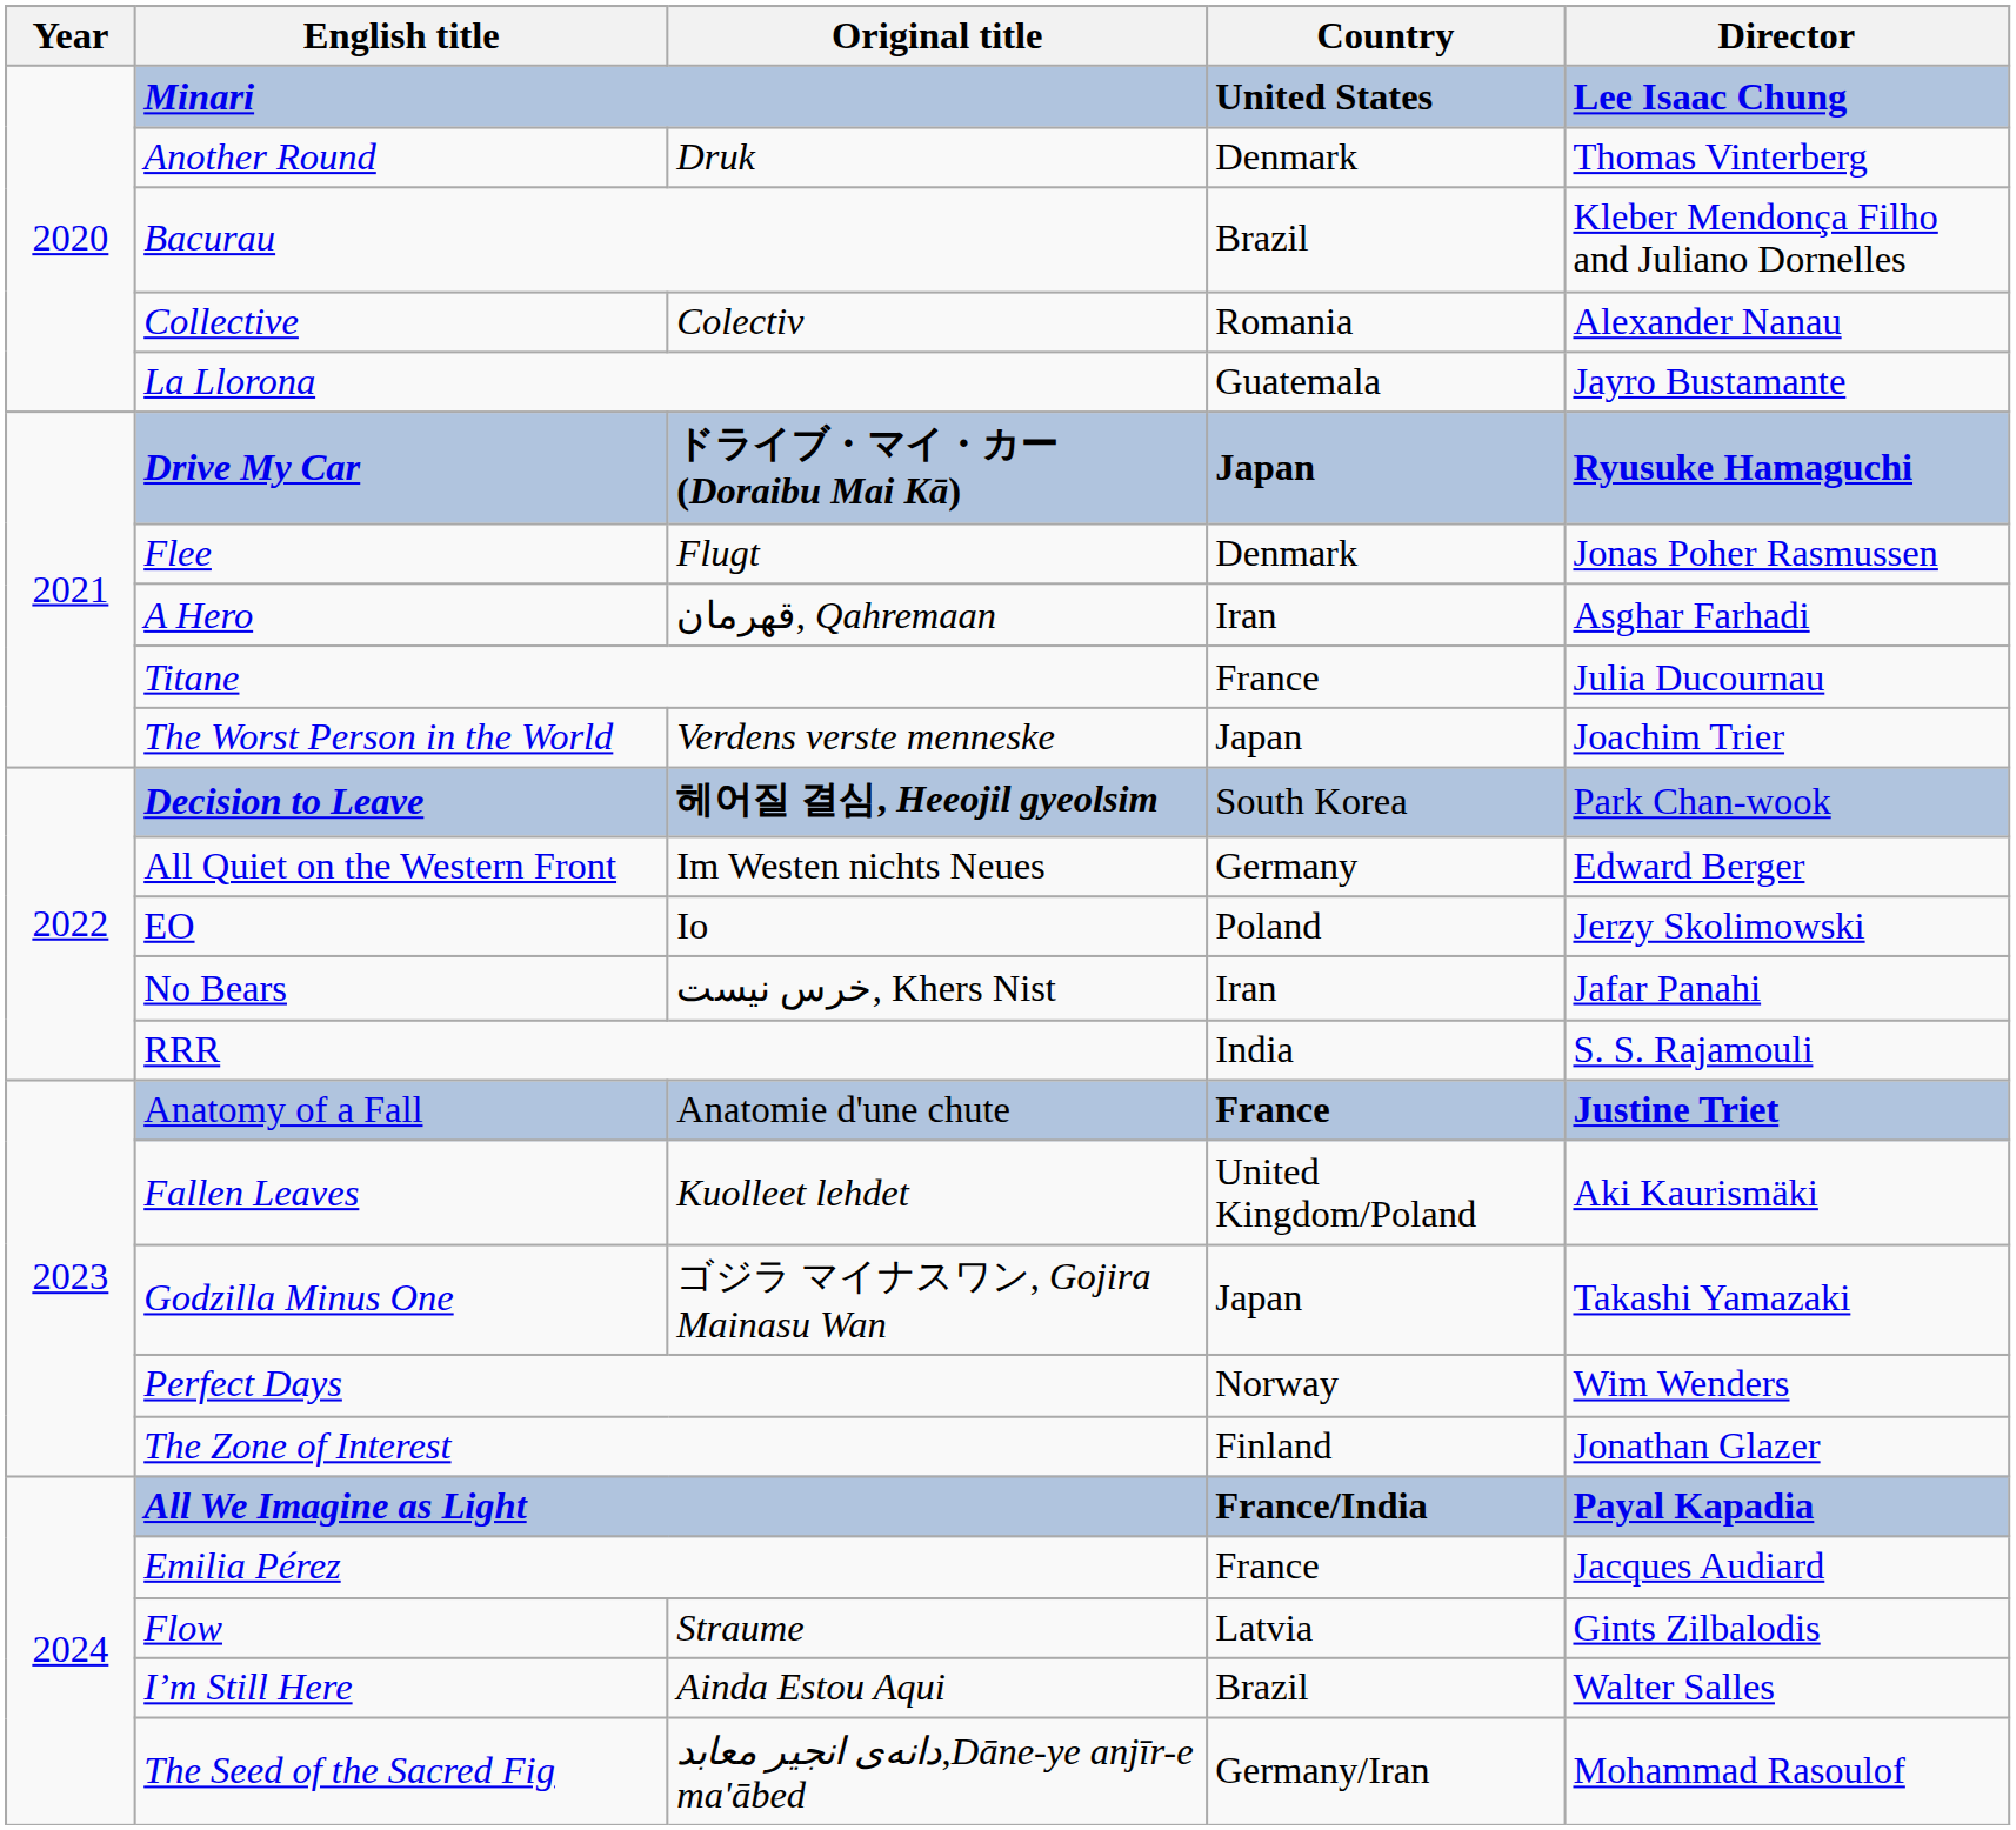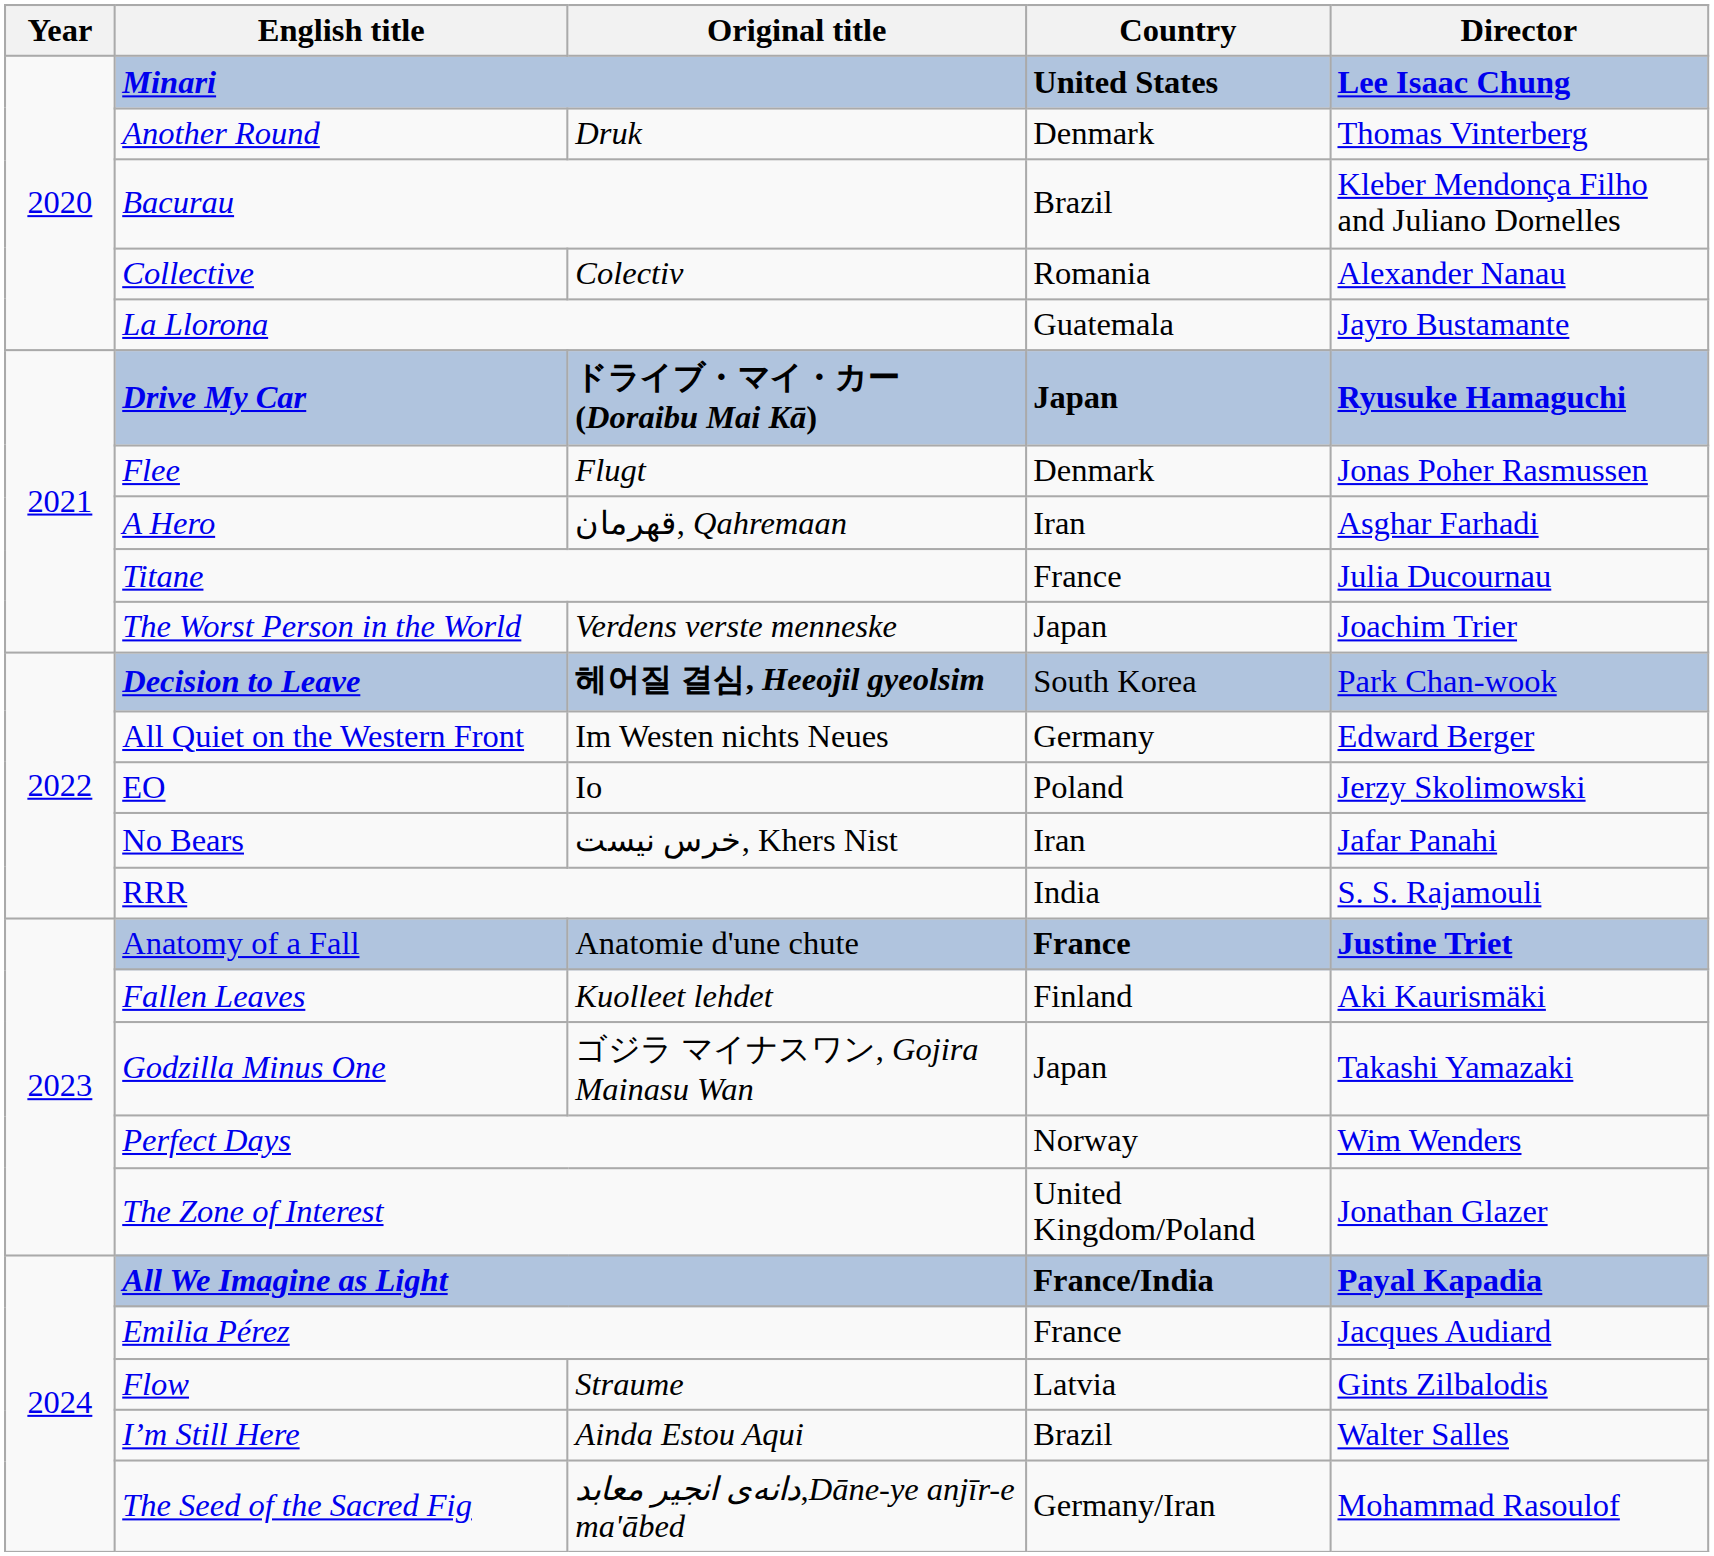 <table class="wikitable" width="95%" cellpadding="5">
 <tr>
 <th width="050">Year</th>
 <th width="250">English title</th>
 <th width="250">Original title</th>
 <th width="150">Country</th>
 <th width="200">Director</th>
 </tr>
 <tr>
 <td rowspan="5" style="text-align:center;"><a href='#'>2020</a></td>
 <td style="background:#B0C4DE;" colspan="2"><em><a href='#'><strong>Minari</strong></a></em></td>
 <td style="background:#B0C4DE;"><strong>United States</strong></td>
 <td style="background:#B0C4DE;"><a href='#'><strong>Lee Isaac Chung</strong></a></td>
 </tr>
 <tr>
 <td><em><a href='#'>Another Round</a></em></td>
 <td><em>Druk</em></td>
 <td>Denmark</td>
 <td><a href='#'>Thomas Vinterberg</a></td>
 </tr>
 <tr>
 <td colspan="2"><em><a href='#'>Bacurau</a></em></td>
 <td>Brazil</td>
 <td><a href='#'>Kleber Mendonça Filho</a> and Juliano Dornelles</td>
 </tr>
 <tr>
 <td><em><a href='#'>Collective</a></em></td>
 <td><em>Colectiv</em></td>
 <td>Romania</td>
 <td><a href='#'>Alexander Nanau</a></td>
 </tr>
 <tr>
 <td colspan="2"><em><a href='#'>La Llorona</a></em></td>
 <td>Guatemala</td>
 <td><a href='#'>Jayro Bustamante</a></td>
 </tr>
 <tr>
 <td rowspan="5" style="text-align:center;"><a href='#'>2021</a></td>
 <td style="background:#B0C4DE;"><em><a href='#'><strong>Drive My Car</strong></a></em></td>
 <td style="background:#B0C4DE;"><strong>ドライブ・マイ・カー (<em>Doraibu Mai Kā</em>)</strong></td>
 <td style="background:#B0C4DE;"><strong>Japan</strong></td>
 <td style="background:#B0C4DE;"><a href='#'><strong>Ryusuke Hamaguchi</strong></a></td>
 </tr>
 <tr>
 <td><em><a href='#'>Flee</a></em></td>
 <td><em>Flugt</em></td>
 <td>Denmark</td>
 <td><a href='#'>Jonas Poher Rasmussen</a></td>
 </tr>
 <tr>
 <td><em><a href='#'>A Hero</a></em></td>
 <td>قهرمان, <em>Qahremaan</em></td>
 <td>Iran</td>
 <td><a href='#'>Asghar Farhadi</a></td>
 </tr>
 <tr>
 <td colspan="2"><em><a href='#'>Titane</a></em></td>
 <td>France</td>
 <td><a href='#'>Julia Ducournau</a></td>
 </tr>
 <tr>
 <td><em><a href='#'>The Worst Person in the World</a></em></td>
 <td><em>Verdens verste menneske</em></td>
 <td>Japan</td>
 <td><a href='#'>Joachim Trier</a></td>
 </tr>
 <tr>
 <td rowspan="5" style="text-align:center;"><a href='#'>2022</a></td>
 <td style="background:#B0C4DE;"><em><a href='#'><strong>Decision to Leave</strong></a></em></td>
 <td style="background:#B0C4DE;"><strong>헤어질 결심, <em>Heeojil gyeolsim<strong><em></td>
 <td style="background:#B0C4DE;"></strong>South Korea<strong></td>
 <td style="background:#B0C4DE;"><a href='#'></strong>Park Chan-wook<strong></a></td>
 </tr>
 <tr>
 <td></em><a href='#'>All Quiet on the Western Front</a><em></td>
 <td></em>Im Westen nichts Neues<em></td>
 <td>Germany</td>
 <td><a href='#'>Edward Berger</a></td>
 </tr>
 <tr>
 <td></em><a href='#'>EO</a><em></td>
 <td></em>Io<em></td>
 <td>Poland</td>
 <td><a href='#'>Jerzy Skolimowski</a></td>
 </tr>
 <tr>
 <td></em><a href='#'>No Bears</a><em></td>
 <td>خرس نیست, </em>Khers Nist<em></td>
 <td>Iran</td>
 <td><a href='#'>Jafar Panahi</a></td>
 </tr>
 <tr>
 <td colspan="2"></em><a href='#'>RRR</a><em></td>
 <td>India</td>
 <td><a href='#'>S. S. Rajamouli</a></td>
 </tr>
 <tr>
 <td rowspan="5" style="text-align:center;"><a href='#'>2023</a></td>
 <td style="background:#B0C4DE;"></em><a href='#'></strong>Anatomy of a Fall<strong></a><em></td>
 <td style="background:#B0C4DE;"></em></strong>Anatomie d'une chute</strong> </em></td>
 <td style="background:#B0C4DE;"><strong>France</strong></td>
 <td style="background:#B0C4DE;"><a href='#'><strong>Justine Triet</strong></a></td>
 </tr>
 <tr>
 <td><em><a href='#'>Fallen Leaves</a></em></td>
 <td><em>Kuolleet lehdet</em></td>
-<td>United Kingdom/Poland</td>
+<td>Finland</td>
 <td><a href='#'>Aki Kaurismäki</a></td>
 </tr>
 <tr>
 <td><em><a href='#'>Godzilla Minus One</a></em></td>
 <td>ゴジラ マイナスワン, <em>Gojira Mainasu Wan</em></td>
 <td>Japan</td>
 <td><a href='#'>Takashi Yamazaki</a></td>
 </tr>
 <tr>
 <td colspan="2"><em><a href='#'>Perfect Days</a></em></td>
 <td>Norway</td>
 <td><a href='#'>Wim Wenders</a></td>
 </tr>
 <tr>
 <td colspan="2"><em><a href='#'>The Zone of Interest</a></em></td>
-<td>Finland</td>
+<td>United Kingdom/Poland</td>
 <td><a href='#'>Jonathan Glazer</a></td>
 </tr>
 <tr>
 <td rowspan="5" style="text-align:center;"><a href='#'>2024</a></td>
 <td style="background:#B0C4DE;" colspan="2"><strong><em><a href='#'>All We Imagine as Light</a></em></strong></td>
 <td style="background:#B0C4DE;"><strong>France/India</strong></td>
 <td style="background:#B0C4DE;"><a href='#'><strong>Payal Kapadia</strong></a></td>
 </tr>
 <tr>
 <td colspan="2"><em><a href='#'>Emilia Pérez</a></em></td>
 <td>France</td>
 <td><a href='#'>Jacques Audiard</a></td>
 </tr>
 <tr>
 <td><em><a href='#'>Flow</a></em></td>
 <td><em>Straume</em></td>
 <td>Latvia</td>
 <td><a href='#'>Gints Zilbalodis</a></td>
 </tr>
 <tr>
 <td><em><a href='#'>I’m Still Here</a></em></td>
 <td><em>Ainda Estou Aqui</em> </td>
 <td>Brazil</td>
 <td><a href='#'>Walter Salles</a></td>
 </tr>
 <tr>
 <td><em><a href='#'>The Seed of the Sacred Fig</a></em></td>
 <td><em>دانه‌ی انجیر معابد</em>,<em>Dāne-ye anjīr-e ma'ābed</em></td>
 <td>Germany/Iran</td>
 <td><a href='#'>Mohammad Rasoulof</a></td>
 </tr>
 </table>
